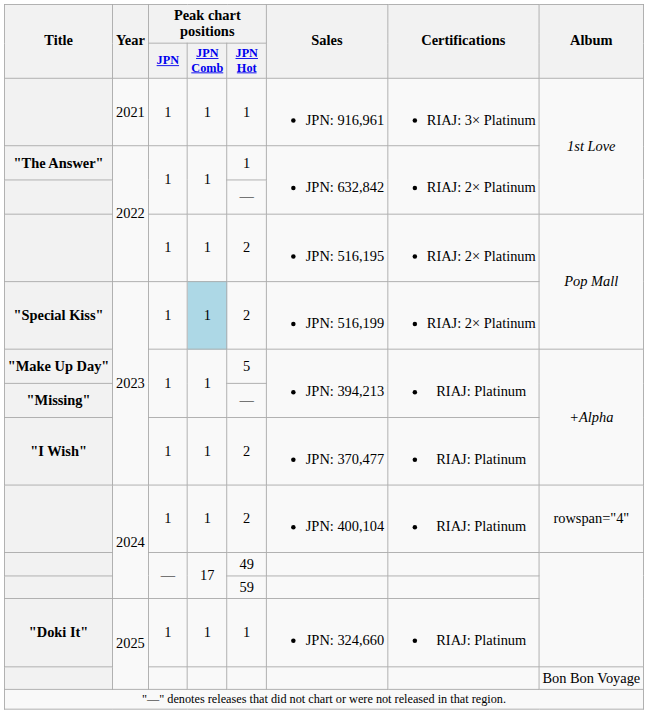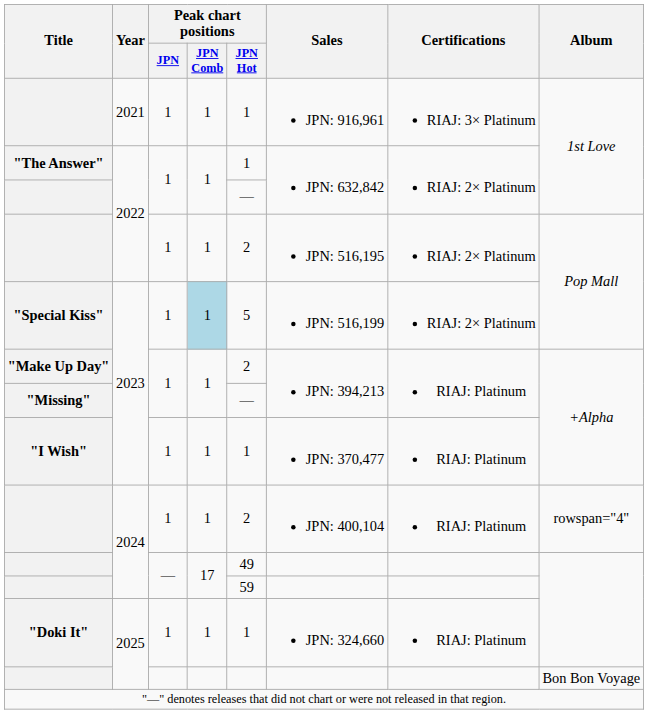 <table class="wikitable plainrowheaders" style="text-align:center;">
 <tr>
 <th scope="col" rowspan="2">Title</th>
 <th scope="col" rowspan="2">Year</th>
 <th scope="col" colspan="3">Peak chart positions</th>
 <th scope="col" rowspan="2">Sales</th>
 <th scope="col" rowspan="2">Certifications</th>
 <th scope="col" rowspan="2">Album</th>
 </tr>
 <tr>
 <th scope="col" style="width:2.75em;font-size:85%;"><a href='#'>JPN</a><br></th>
 <th scope="col" style="width:2.75em;font-size:85%;"><a href='#'>JPN<br>Comb</a><br></th>
 <th scope="col" style="width:2.75em;font-size:85%;"><a href='#'>JPN<br>Hot</a><br></th>
 </tr>
 <tr>
 <th scope="row"></th>
 <td>2021</td>
 <td>1</td>
 <td>1</td>
 <td>1</td>
 <td><br><ul><li>JPN: 916,961</li></ul></td>
 <td><br><ul><li>RIAJ: 3× Platinum </li></ul></td>
 <td rowspan="3"><em>1st Love</em></td>
 </tr>
 <tr>
 <th scope="row">"The Answer"</th>
 <td rowspan="3">2022</td>
 <td rowspan="2">1</td>
 <td rowspan="2">1</td>
 <td>1</td>
 <td rowspan="2"><br><ul><li>JPN: 632,842</li></ul></td>
 <td rowspan="2"><br><ul><li>RIAJ: 2× Platinum </li></ul></td>
 </tr>
 <tr>
 <th scope="row"></th>
 <td>—</td>
 </tr>
 <tr>
 <th scope="row"></th>
 <td>1</td>
 <td>1</td>
 <td>2</td>
 <td><br><ul><li>JPN: 516,195</li></ul></td>
 <td><br><ul><li>RIAJ: 2× Platinum </li></ul></td>
 <td rowspan="2"><em>Pop Mall</em></td>
 </tr>
 <tr>
 <th scope="row">"Special Kiss"</th>
 <td rowspan="4">2023</td>
 <td>1</td>
 <td style="background: lightblue;">1</td>
-<td>2</td>
+<td>5</td>
 <td><br><ul><li>JPN: 516,199</li></ul></td>
 <td><br><ul><li>RIAJ: 2× Platinum </li></ul></td>
 </tr>
 <tr>
 <th scope="row">"Make Up Day"</th>
 <td rowspan="2">1</td>
 <td rowspan="2">1</td>
-<td>5</td>
+<td>2</td>
 <td rowspan="2"><br><ul><li>JPN: 394,213</li></ul></td>
 <td rowspan="2"><br><ul><li>RIAJ: Platinum </li></ul></td>
 <td rowspan="3"><em>+Alpha</em></td>
 </tr>
 <tr>
 <th scope="row">"Missing"</th>
 <td>—</td>
 </tr>
 <tr>
 <th scope="row">"I Wish"</th>
 <td>1</td>
 <td>1</td>
-<td>2</td>
+<td>1</td>
 <td><br><ul><li>JPN: 370,477</li></ul></td>
 <td><br><ul><li>RIAJ: Platinum </li></ul></td>
 </tr>
 <tr>
 <th scope="row"></th>
 <td rowspan="3">2024</td>
 <td>1</td>
 <td>1</td>
 <td>2</td>
 <td><br><ul><li>JPN: 400,104</li></ul></td>
 <td><br><ul><li>RIAJ: Platinum </li></ul></td>
 <td>rowspan="4" </td>
 </tr>
 <tr>
 <th scope="row"></th>
 <td rowspan="2">—</td>
 <td rowspan="2">17</td>
 <td>49</td>
 <td></td>
 <td></td>
 </tr>
 <tr>
 <th scope="row"></th>
 <td>59</td>
 <td></td>
 <td></td>
 </tr>
 <tr>
 <th scope="row">"Doki It"</th>
 <td rowspan="2">2025</td>
 <td>1</td>
 <td>1</td>
 <td>1</td>
 <td><br><ul><li>JPN: 324,660</li></ul></td>
 <td><br><ul><li>RIAJ: Platinum </li></ul></td>
 </tr>
 <tr>
 <th></th>
 <td></td>
 <td></td>
 <td></td>
 <td></td>
 <td></td>
 <td>Bon Bon Voyage</td>
 </tr>
 <tr>
 <td colspan="8" style="font-size:85%">"—" denotes releases that did not chart or were not released in that region.</td>
 </tr>
 </table>
